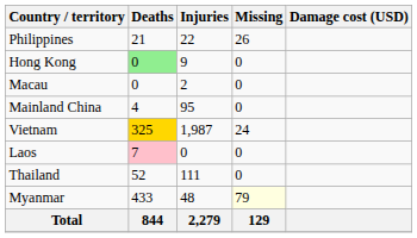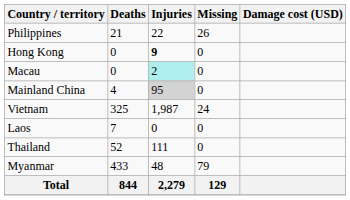 <table class="wikitable" style="float: right; margin:0 1em 0.5em 1em;">
 <tr>
 <th>Country / territory</th>
 <th>Deaths</th>
 <th>Injuries</th>
 <th>Missing</th>
 <th>Damage cost (USD)</th>
 </tr>
 <tr>
 <td>Philippines</td>
 <td>21</td>
 <td>22</td>
 <td>26</td>
 <td></td>
 </tr>
 <tr>
 <td>Hong Kong</td>
-<td style="background: lightgreen;">0</td>
-<td>9</td>
+<td>0</td>
+<td><strong>9</strong></td>
 <td>0</td>
 <td></td>
 </tr>
 <tr>
 <td>Macau</td>
 <td>0</td>
-<td>2</td>
+<td style="background: paleturquoise;">2</td>
 <td>0</td>
 <td></td>
 </tr>
 <tr>
 <td>Mainland China</td>
 <td>4</td>
-<td>95</td>
+<td style="background: lightgrey;">95</td>
 <td>0</td>
 <td></td>
 </tr>
 <tr>
 <td>Vietnam</td>
-<td style="background: gold;">325</td>
+<td>325</td>
 <td>1,987</td>
 <td>24</td>
 <td></td>
 </tr>
 <tr>
 <td>Laos</td>
-<td style="background: pink;">7</td>
+<td>7</td>
 <td>0</td>
 <td>0</td>
 <td></td>
 </tr>
 <tr>
 <td>Thailand</td>
 <td>52</td>
 <td>111</td>
 <td>0</td>
 <td></td>
 </tr>
 <tr>
 <td>Myanmar</td>
 <td>433</td>
 <td>48</td>
-<td style="background: lightyellow;">79</td>
+<td>79</td>
 <td></td>
 </tr>
 <tr>
 <th>Total</th>
 <th>844</th>
 <th>2,279</th>
 <th>129</th>
 <th></th>
 </tr>
 <tr>
 </tr>
 </table>
